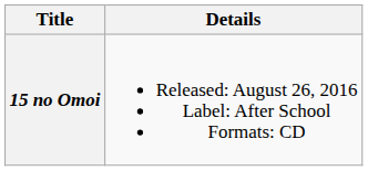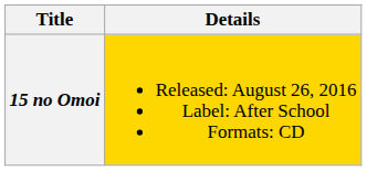 <table class="wikitable plainrowheaders" style="text-align:center;">
 <tr>
 <th scope="col">Title</th>
 <th scope="col">Details</th>
 </tr>
 <tr>
 <th scope="row"><em>15 no Omoi</em></th>
-<td><br><ul><li>Released: August 26, 2016</li><li>Label: After School</li><li>Formats: CD</li></ul></td>
+<td style="background: gold;"><br><ul><li>Released: August 26, 2016</li><li>Label: After School</li><li>Formats: CD</li></ul></td>
 </tr>
 </table>
